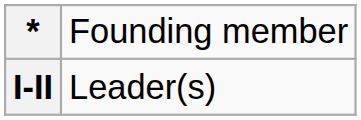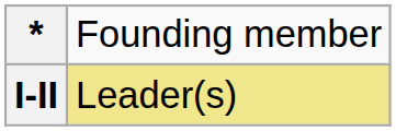 <table class="wikitable">
 <tr>
 <th>*</th>
 <td>Founding member</td>
 </tr>
 <tr>
 <th>I-II</th>
-<td>Leader(s)</td>
+<td style="background: khaki;">Leader(s)</td>
 </tr>
 </table>
